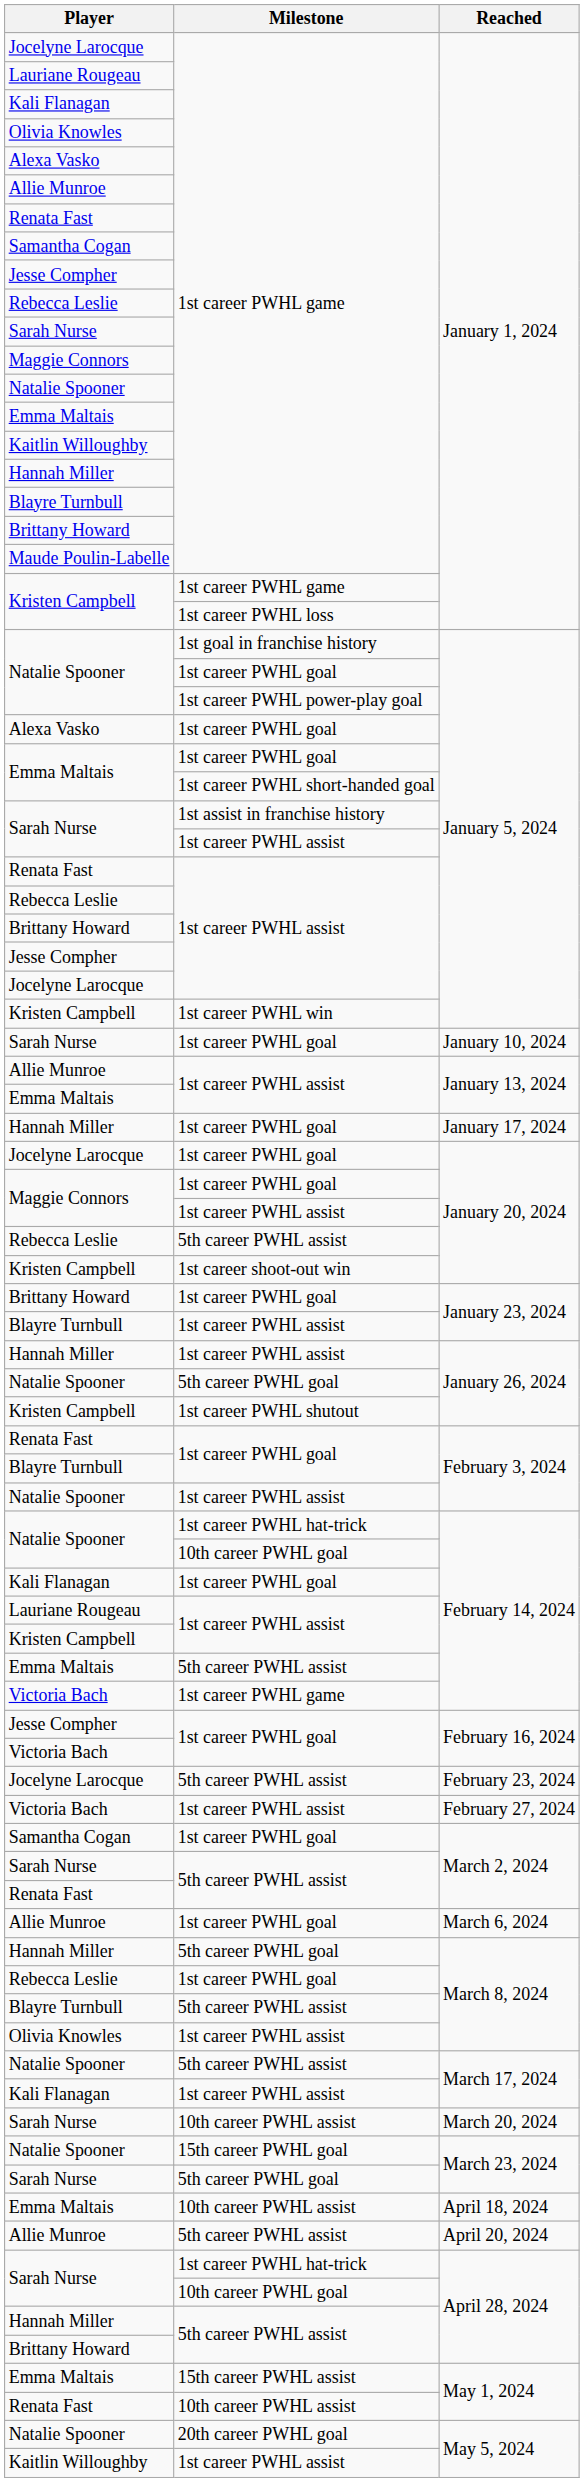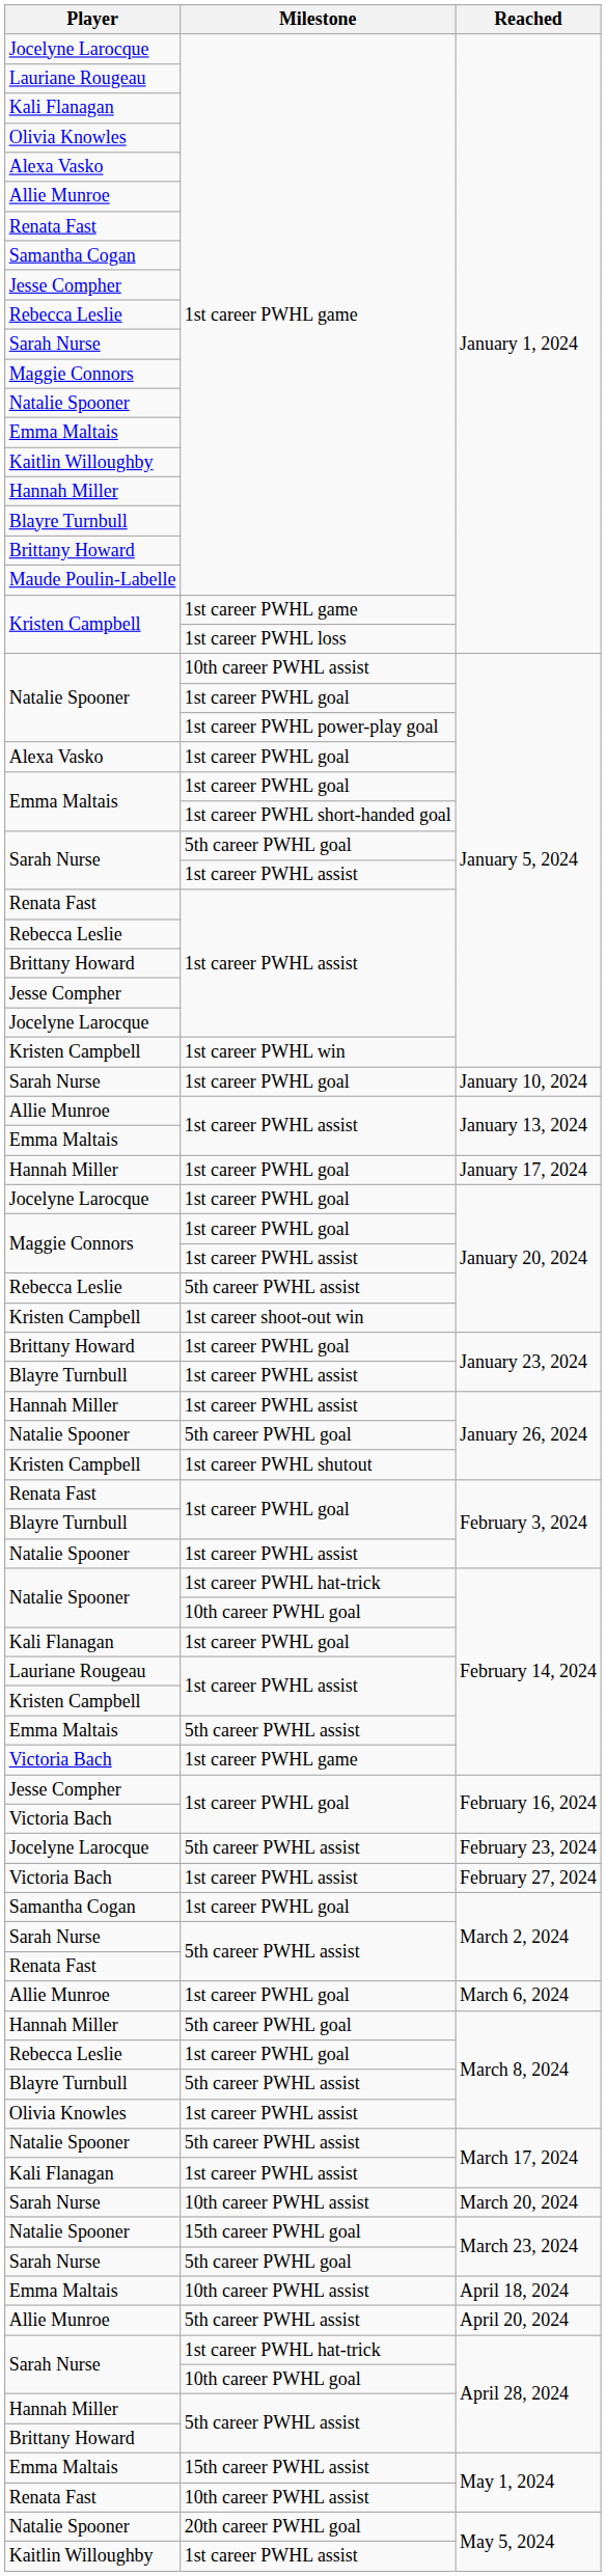 <table class="wikitable">
 <tr>
 <th>Player</th>
 <th>Milestone</th>
 <th>Reached</th>
 </tr>
 <tr>
 <td><a href='#'>Jocelyne Larocque</a></td>
 <td rowspan=19>1st career PWHL game</td>
 <td rowspan=21>January 1, 2024</td>
 </tr>
 <tr>
 <td><a href='#'>Lauriane Rougeau</a></td>
 </tr>
 <tr>
 <td><a href='#'>Kali Flanagan</a></td>
 </tr>
 <tr>
 <td><a href='#'>Olivia Knowles</a></td>
 </tr>
 <tr>
 <td><a href='#'>Alexa Vasko</a></td>
 </tr>
 <tr>
 <td><a href='#'>Allie Munroe</a></td>
 </tr>
 <tr>
 <td><a href='#'>Renata Fast</a></td>
 </tr>
 <tr>
 <td><a href='#'>Samantha Cogan</a></td>
 </tr>
 <tr>
 <td><a href='#'>Jesse Compher</a></td>
 </tr>
 <tr>
 <td><a href='#'>Rebecca Leslie</a></td>
 </tr>
 <tr>
 <td><a href='#'>Sarah Nurse</a></td>
 </tr>
 <tr>
 <td><a href='#'>Maggie Connors</a></td>
 </tr>
 <tr>
 <td><a href='#'>Natalie Spooner</a></td>
 </tr>
 <tr>
 <td><a href='#'>Emma Maltais</a></td>
 </tr>
 <tr>
 <td><a href='#'>Kaitlin Willoughby</a></td>
 </tr>
 <tr>
 <td><a href='#'>Hannah Miller</a></td>
 </tr>
 <tr>
 <td><a href='#'>Blayre Turnbull</a></td>
 </tr>
 <tr>
 <td><a href='#'>Brittany Howard</a></td>
 </tr>
 <tr>
 <td><a href='#'>Maude Poulin-Labelle</a></td>
 </tr>
 <tr>
 <td rowspan=2><a href='#'>Kristen Campbell</a></td>
 <td>1st career PWHL game</td>
 </tr>
 <tr>
 <td>1st career PWHL loss</td>
 </tr>
 <tr>
 <td rowspan=3>Natalie Spooner</td>
-<td>1st goal in franchise history</td>
+<td>10th career PWHL assist</td>
 <td rowspan=14>January 5, 2024</td>
 </tr>
 <tr>
 <td>1st career PWHL goal</td>
 </tr>
 <tr>
 <td>1st career PWHL power-play goal</td>
 </tr>
 <tr>
 <td>Alexa Vasko</td>
 <td>1st career PWHL goal</td>
 </tr>
 <tr>
 <td rowspan=2>Emma Maltais</td>
 <td>1st career PWHL goal</td>
 </tr>
 <tr>
 <td>1st career PWHL short-handed goal</td>
 </tr>
 <tr>
 <td rowspan=2>Sarah Nurse</td>
-<td>1st assist in franchise history</td>
+<td>5th career PWHL goal</td>
 </tr>
 <tr>
 <td>1st career PWHL assist</td>
 </tr>
 <tr>
 <td>Renata Fast</td>
 <td rowspan=5>1st career PWHL assist</td>
 </tr>
 <tr>
 <td>Rebecca Leslie</td>
 </tr>
 <tr>
 <td>Brittany Howard</td>
 </tr>
 <tr>
 <td>Jesse Compher</td>
 </tr>
 <tr>
 <td>Jocelyne Larocque</td>
 </tr>
 <tr>
 <td>Kristen Campbell</td>
 <td>1st career PWHL win</td>
 </tr>
 <tr>
 <td>Sarah Nurse</td>
 <td>1st career PWHL goal</td>
 <td>January 10, 2024</td>
 </tr>
 <tr>
 <td>Allie Munroe</td>
 <td rowspan=2>1st career PWHL assist</td>
 <td rowspan=2>January 13, 2024</td>
 </tr>
 <tr>
 <td>Emma Maltais</td>
 </tr>
 <tr>
 <td>Hannah Miller</td>
 <td>1st career PWHL goal</td>
 <td>January 17, 2024</td>
 </tr>
 <tr>
 <td>Jocelyne Larocque</td>
 <td>1st career PWHL goal</td>
 <td rowspan=5>January 20, 2024</td>
 </tr>
 <tr>
 <td rowspan=2>Maggie Connors</td>
 <td>1st career PWHL goal</td>
 </tr>
 <tr>
 <td>1st career PWHL assist</td>
 </tr>
 <tr>
 <td>Rebecca Leslie</td>
 <td>5th career PWHL assist</td>
 </tr>
 <tr>
 <td>Kristen Campbell</td>
 <td>1st career shoot-out win</td>
 </tr>
 <tr>
 <td>Brittany Howard</td>
 <td>1st career PWHL goal</td>
 <td rowspan=2>January 23, 2024</td>
 </tr>
 <tr>
 <td>Blayre Turnbull</td>
 <td>1st career PWHL assist</td>
 </tr>
 <tr>
 <td>Hannah Miller</td>
 <td>1st career PWHL assist</td>
 <td rowspan="3">January 26, 2024</td>
 </tr>
 <tr>
 <td>Natalie Spooner</td>
 <td>5th career PWHL goal</td>
 </tr>
 <tr>
 <td>Kristen Campbell</td>
 <td>1st career PWHL shutout</td>
 </tr>
 <tr>
 <td>Renata Fast</td>
 <td rowspan=2>1st career PWHL goal</td>
 <td rowspan=3>February 3, 2024</td>
 </tr>
 <tr>
 <td>Blayre Turnbull</td>
 </tr>
 <tr>
 <td>Natalie Spooner</td>
 <td>1st career PWHL assist</td>
 </tr>
 <tr>
 <td rowspan=2>Natalie Spooner</td>
 <td>1st career PWHL hat-trick</td>
 <td rowspan=7>February 14, 2024</td>
 </tr>
 <tr>
 <td>10th career PWHL goal</td>
 </tr>
 <tr>
 <td>Kali Flanagan</td>
 <td>1st career PWHL goal</td>
 </tr>
 <tr>
 <td>Lauriane Rougeau</td>
 <td rowspan=2>1st career PWHL assist</td>
 </tr>
 <tr>
 <td>Kristen Campbell</td>
 </tr>
 <tr>
 <td>Emma Maltais</td>
 <td>5th career PWHL assist</td>
 </tr>
 <tr>
 <td><a href='#'>Victoria Bach</a></td>
 <td>1st career PWHL game</td>
 </tr>
 <tr>
 <td>Jesse Compher</td>
 <td rowspan=2>1st career PWHL goal</td>
 <td rowspan=2>February 16, 2024</td>
 </tr>
 <tr>
 <td>Victoria Bach</td>
 </tr>
 <tr>
 <td>Jocelyne Larocque</td>
 <td>5th career PWHL assist</td>
 <td>February 23, 2024</td>
 </tr>
 <tr>
 <td>Victoria Bach</td>
 <td>1st career PWHL assist</td>
 <td>February 27, 2024</td>
 </tr>
 <tr>
 <td>Samantha Cogan</td>
 <td>1st career PWHL goal</td>
 <td rowspan=3>March 2, 2024</td>
 </tr>
 <tr>
 <td>Sarah Nurse</td>
 <td rowspan=2>5th career PWHL assist</td>
 </tr>
 <tr>
 <td>Renata Fast</td>
 </tr>
 <tr>
 <td>Allie Munroe</td>
 <td>1st career PWHL goal</td>
 <td>March 6, 2024</td>
 </tr>
 <tr>
 <td>Hannah Miller</td>
 <td>5th career PWHL goal</td>
 <td rowspan=4>March 8, 2024</td>
 </tr>
 <tr>
 <td>Rebecca Leslie</td>
 <td>1st career PWHL goal</td>
 </tr>
 <tr>
 <td>Blayre Turnbull</td>
 <td>5th career PWHL assist</td>
 </tr>
 <tr>
 <td>Olivia Knowles</td>
 <td>1st career PWHL assist</td>
 </tr>
 <tr>
 <td>Natalie Spooner</td>
 <td>5th career PWHL assist</td>
 <td rowspan=2>March 17, 2024</td>
 </tr>
 <tr>
 <td>Kali Flanagan</td>
 <td>1st career PWHL assist</td>
 </tr>
 <tr>
 <td>Sarah Nurse</td>
 <td>10th career PWHL assist</td>
 <td>March 20, 2024</td>
 </tr>
 <tr>
 <td>Natalie Spooner</td>
 <td rowspan="2">15th career PWHL goal</td>
 <td rowspan="3">March 23, 2024</td>
 </tr>
 <tr>
 <td rowspan=2>Sarah Nurse</td>
 </tr>
 <tr>
 <td>5th career PWHL goal</td>
 </tr>
 <tr>
 <td>Emma Maltais</td>
 <td>10th career PWHL assist</td>
 <td>April 18, 2024</td>
 </tr>
 <tr>
 <td>Allie Munroe</td>
 <td>5th career PWHL assist</td>
 <td>April 20, 2024</td>
 </tr>
 <tr>
 <td rowspan=2>Sarah Nurse</td>
 <td>1st career PWHL hat-trick</td>
 <td rowspan=4>April 28, 2024</td>
 </tr>
 <tr>
 <td>10th career PWHL goal</td>
 </tr>
 <tr>
 <td>Hannah Miller</td>
 <td rowspan=2>5th career PWHL assist</td>
 </tr>
 <tr>
 <td>Brittany Howard</td>
 </tr>
 <tr>
 <td>Emma Maltais</td>
 <td>15th career PWHL assist</td>
 <td rowspan=2>May 1, 2024</td>
 </tr>
 <tr>
 <td>Renata Fast</td>
 <td>10th career PWHL assist</td>
 </tr>
 <tr>
 <td>Natalie Spooner</td>
 <td>20th career PWHL goal</td>
 <td rowspan=2>May 5, 2024</td>
 </tr>
 <tr>
 <td>Kaitlin Willoughby</td>
 <td>1st career PWHL assist</td>
 </tr>
 </table>
